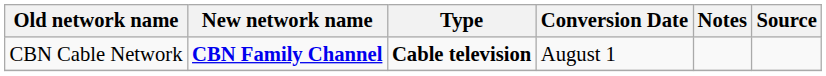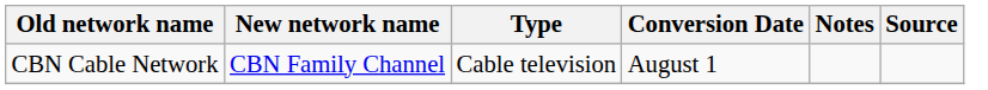 <table class="wikitable">
 <tr>
 <th>Old network name</th>
 <th>New network name</th>
 <th>Type</th>
 <th>Conversion Date</th>
 <th>Notes</th>
 <th>Source</th>
 </tr>
 <tr>
 <td>CBN Cable Network</td>
-<td><strong><a href='#'>CBN Family Channel</a></strong></td>
-<td><strong>Cable television</strong></td>
+<td><a href='#'>CBN Family Channel</a></td>
+<td>Cable television</td>
 <td>August 1</td>
 <td></td>
 <td></td>
 </tr>
 <tr>
 </tr>
 </table>
